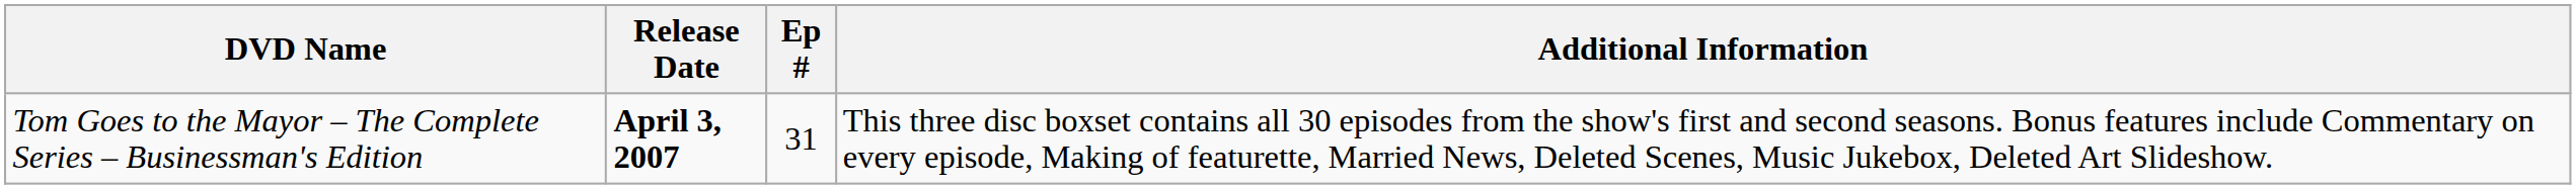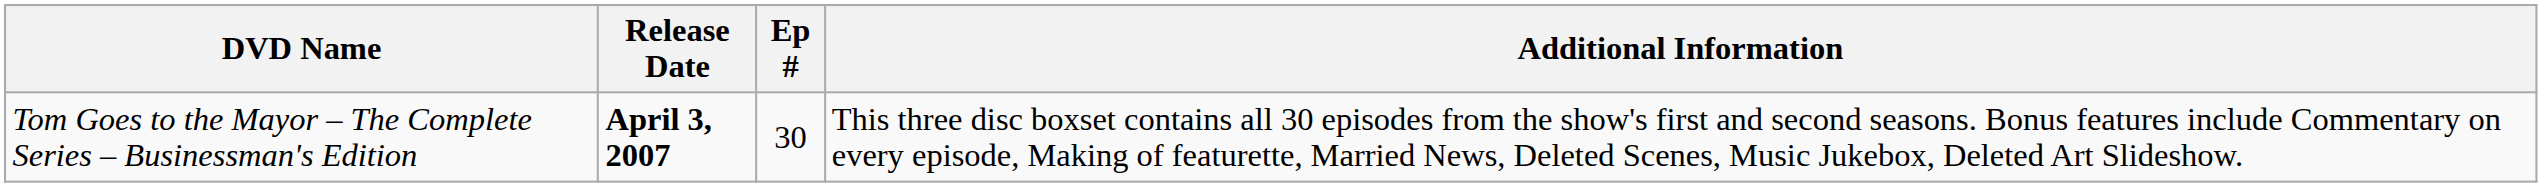 <table class="wikitable">
 <tr>
 <th>DVD Name</th>
 <th>Release Date</th>
 <th>Ep #</th>
 <th>Additional Information</th>
 </tr>
 <tr>
 <td><em>Tom Goes to the Mayor – The Complete Series – Businessman's Edition</em></td>
 <td><strong>April 3, 2007</strong></td>
-<td align="center">31</td>
+<td align="center">30</td>
 <td>This three disc boxset contains all 30 episodes from the show's first and second seasons. Bonus features include Commentary on every episode, Making of featurette, Married News, Deleted Scenes, Music Jukebox, Deleted Art Slideshow.</td>
 </tr>
 </table>
